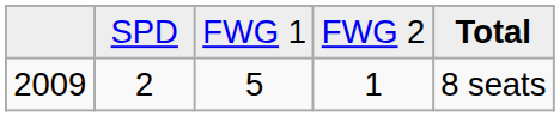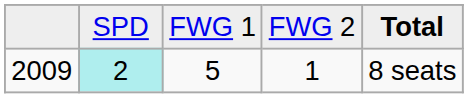 <table class="wikitable" style="font-size: 90%; text-align: left; ">
 <tr bgcolor="#eeeeee" align="center">
 <td> </td>
 <td> <a href='#'>SPD</a> </td>
 <td><a href='#'>FWG</a> 1</td>
 <td><a href='#'>FWG</a> 2</td>
 <td><strong>Total</strong></td>
 </tr>
 <tr align="center">
 <td>2009</td>
-<td>2</td>
+<td style="background: paleturquoise;">2</td>
 <td>5</td>
 <td>1</td>
 <td>8 seats</td>
 </tr>
 </table>
